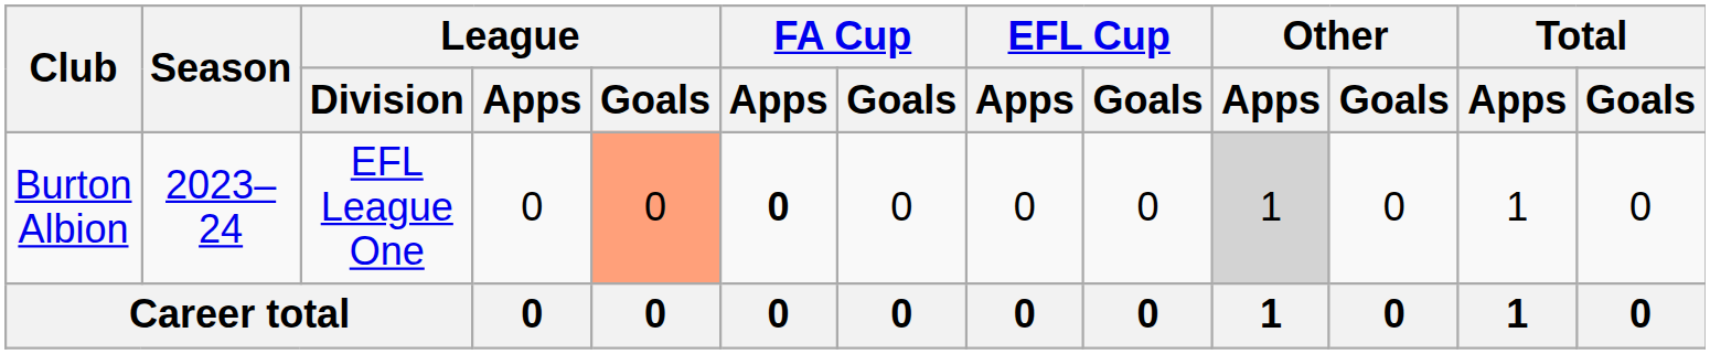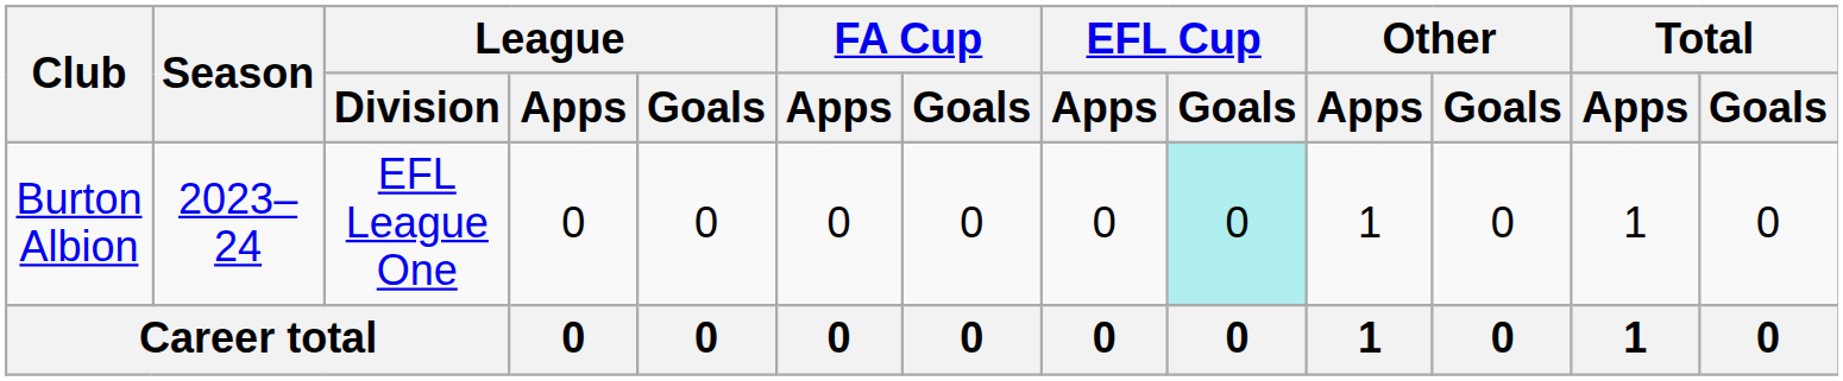 <table class="wikitable" style="text-align:center;">
 <tr>
 <th rowspan="2">Club</th>
 <th rowspan="2">Season</th>
 <th colspan="3">League</th>
 <th colspan="2"><a href='#'>FA Cup</a></th>
 <th colspan="2"><a href='#'>EFL Cup</a></th>
 <th colspan="2">Other</th>
 <th colspan="2">Total</th>
 </tr>
 <tr>
 <th>Division</th>
 <th>Apps</th>
 <th>Goals</th>
 <th>Apps</th>
 <th>Goals</th>
 <th>Apps</th>
 <th>Goals</th>
 <th>Apps</th>
 <th>Goals</th>
 <th>Apps</th>
 <th>Goals</th>
 </tr>
 <tr>
 <td><a href='#'>Burton Albion</a></td>
 <td><a href='#'>2023–24</a></td>
 <td><a href='#'>EFL League One</a></td>
 <td>0</td>
-<td style="background: lightsalmon;">0</td>
-<td><strong>0</strong></td>
 <td>0</td>
 <td>0</td>
 <td>0</td>
-<td style="background: lightgrey;">1</td>
+<td>0</td>
+<td style="background: paleturquoise;">0</td>
+<td>1</td>
 <td>0</td>
 <td>1</td>
 <td>0</td>
 </tr>
 <tr>
 <th colspan="3">Career total</th>
 <th>0</th>
 <th>0</th>
 <th>0</th>
 <th>0</th>
 <th>0</th>
 <th>0</th>
 <th>1</th>
 <th>0</th>
 <th>1</th>
 <th>0</th>
 </tr>
 </table>
